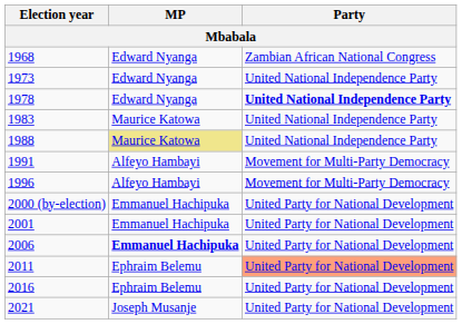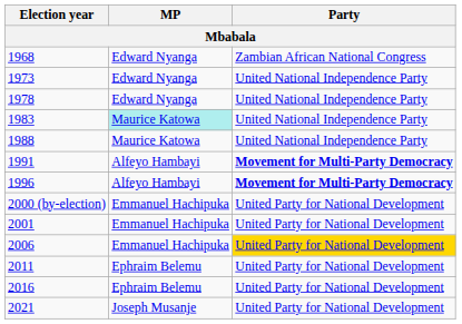 <table class="wikitable">
 <tr>
 <th>Election year</th>
 <th>MP</th>
 <th>Party</th>
 </tr>
 <tr>
 <th colspan="3">Mbabala</th>
 </tr>
 <tr>
 <td><a href='#'>1968</a></td>
 <td><a href='#'>Edward Nyanga</a></td>
 <td><a href='#'>Zambian African National Congress</a></td>
 </tr>
 <tr>
 <td><a href='#'>1973</a></td>
 <td><a href='#'>Edward Nyanga</a></td>
 <td><a href='#'>United National Independence Party</a></td>
 </tr>
 <tr>
 <td><a href='#'>1978</a></td>
 <td><a href='#'>Edward Nyanga</a></td>
-<td><strong><a href='#'>United National Independence Party</a></strong></td>
+<td><a href='#'>United National Independence Party</a></td>
 </tr>
 <tr>
 <td><a href='#'>1983</a></td>
-<td><a href='#'>Maurice Katowa</a></td>
+<td style="background: paleturquoise;"><a href='#'>Maurice Katowa</a></td>
 <td><a href='#'>United National Independence Party</a></td>
 </tr>
 <tr>
 <td><a href='#'>1988</a></td>
-<td style="background: khaki;"><a href='#'>Maurice Katowa</a></td>
+<td><a href='#'>Maurice Katowa</a></td>
 <td><a href='#'>United National Independence Party</a></td>
 </tr>
 <tr>
 <td><a href='#'>1991</a></td>
 <td><a href='#'>Alfeyo Hambayi</a></td>
-<td><a href='#'>Movement for Multi-Party Democracy</a></td>
+<td><strong><a href='#'>Movement for Multi-Party Democracy</a></strong></td>
 </tr>
 <tr>
 <td><a href='#'>1996</a></td>
 <td><a href='#'>Alfeyo Hambayi</a></td>
-<td><a href='#'>Movement for Multi-Party Democracy</a></td>
+<td><strong><a href='#'>Movement for Multi-Party Democracy</a></strong></td>
 </tr>
 <tr>
 <td><a href='#'>2000 (by-election)</a></td>
 <td><a href='#'>Emmanuel Hachipuka</a></td>
 <td><a href='#'>United Party for National Development</a></td>
 </tr>
 <tr>
 <td><a href='#'>2001</a></td>
 <td><a href='#'>Emmanuel Hachipuka</a></td>
 <td><a href='#'>United Party for National Development</a></td>
 </tr>
 <tr>
 <td><a href='#'>2006</a></td>
-<td><strong><a href='#'>Emmanuel Hachipuka</a></strong></td>
-<td><a href='#'>United Party for National Development</a></td>
+<td><a href='#'>Emmanuel Hachipuka</a></td>
+<td style="background: gold;"><a href='#'>United Party for National Development</a></td>
 </tr>
 <tr>
 <td><a href='#'>2011</a></td>
 <td><a href='#'>Ephraim Belemu</a></td>
-<td style="background: lightsalmon;"><a href='#'>United Party for National Development</a></td>
+<td><a href='#'>United Party for National Development</a></td>
 </tr>
 <tr>
 <td><a href='#'>2016</a></td>
 <td><a href='#'>Ephraim Belemu</a></td>
 <td><a href='#'>United Party for National Development</a></td>
 </tr>
 <tr>
 <td><a href='#'>2021</a></td>
 <td><a href='#'>Joseph Musanje</a></td>
 <td><a href='#'>United Party for National Development</a></td>
 </tr>
 </table>
